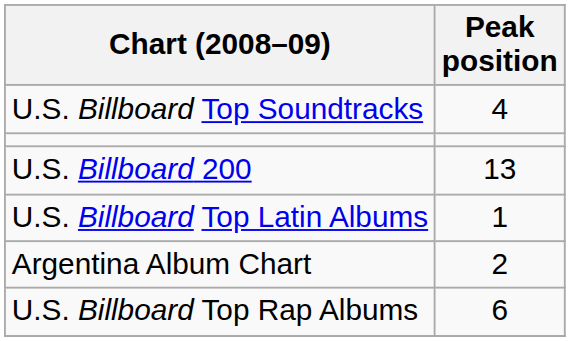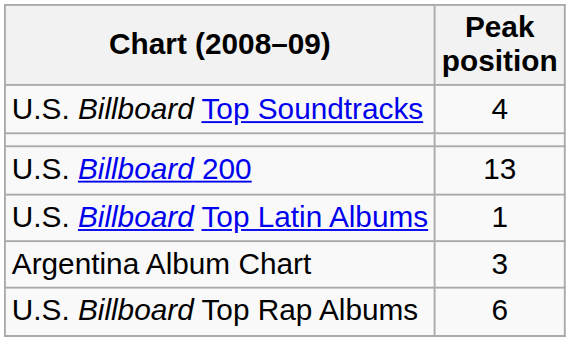 <table class="wikitable">
 <tr>
 <th>Chart (2008–09)</th>
 <th>Peak<br>position</th>
 </tr>
 <tr>
 <td align="left">U.S. <em>Billboard</em> <a href='#'>Top Soundtracks</a></td>
 <td align="center">4</td>
 </tr>
 <tr>
 <td></td>
 </tr>
 <tr>
 <td align="left">U.S. <a href='#'><em>Billboard</em> 200</a></td>
 <td align="center">13</td>
 </tr>
 <tr>
 <td align="left">U.S. <em><a href='#'>Billboard</a></em> <a href='#'>Top Latin Albums</a></td>
 <td align="center">1</td>
 </tr>
 <tr>
 <td align="left">Argentina Album Chart</td>
-<td align="center">2</td>
+<td align="center">3</td>
 </tr>
 <tr>
 <td align="left">U.S. <em>Billboard</em> Top Rap Albums</td>
 <td align="center">6</td>
 </tr>
 <tr>
 </tr>
 </table>
